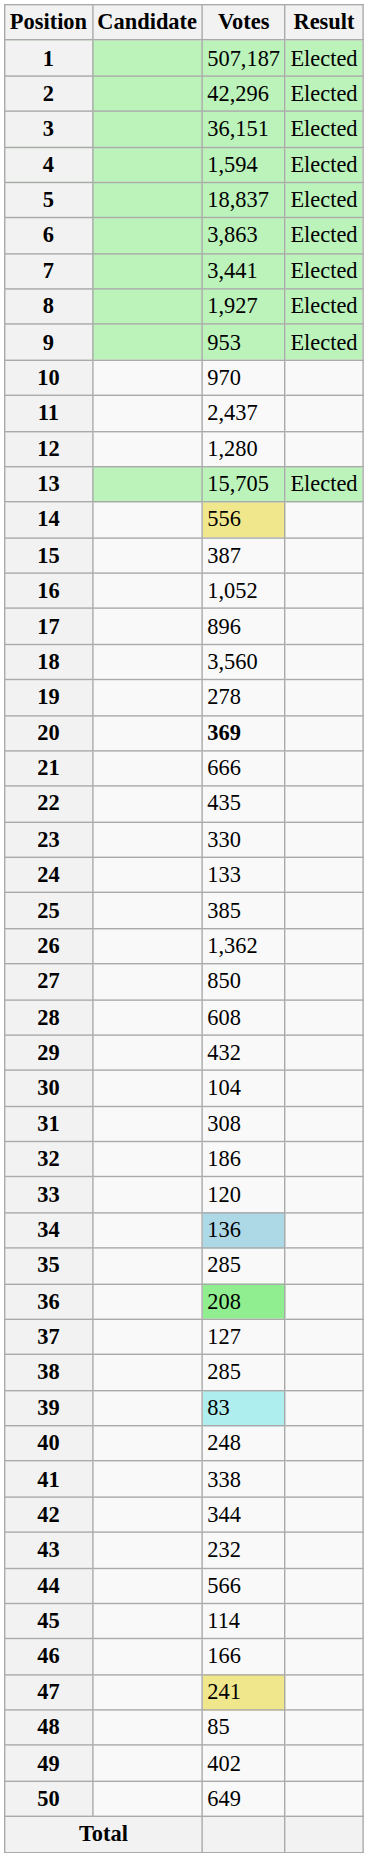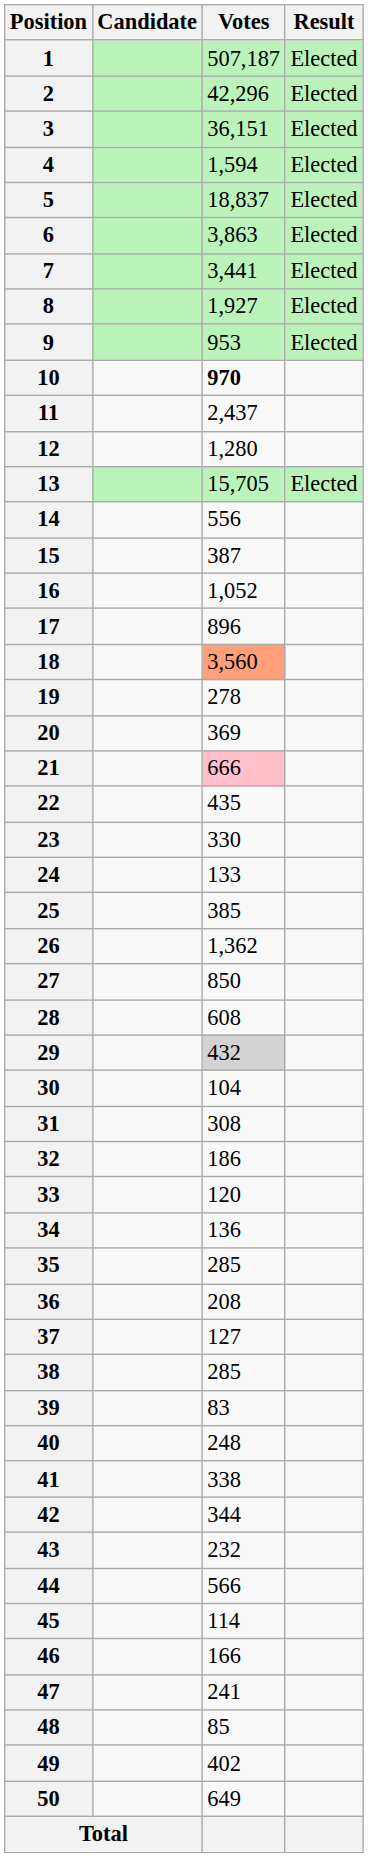 <table class="wikitable sortable col3right">
 <tr>
 <th scope="col">Position</th>
 <th scope="col">Candidate</th>
 <th scope="col">Votes</th>
 <th scope="col">Result</th>
 </tr>
 <tr bgcolor=bbf3bb>
 <th scope="row">1</th>
 <td></td>
 <td>507,187</td>
 <td>Elected</td>
 </tr>
 <tr bgcolor=bbf3bb>
 <th scope="row">2</th>
 <td></td>
 <td>42,296</td>
 <td>Elected</td>
 </tr>
 <tr bgcolor=bbf3bb>
 <th scope="row">3</th>
 <td></td>
 <td>36,151</td>
 <td>Elected</td>
 </tr>
 <tr bgcolor=bbf3bb>
 <th scope="row">4</th>
 <td></td>
 <td>1,594</td>
 <td>Elected</td>
 </tr>
 <tr bgcolor=bbf3bb>
 <th scope="row">5</th>
 <td></td>
 <td>18,837</td>
 <td>Elected</td>
 </tr>
 <tr bgcolor=bbf3bb>
 <th scope="row">6</th>
 <td></td>
 <td>3,863</td>
 <td>Elected</td>
 </tr>
 <tr bgcolor=bbf3bb>
 <th scope="row">7</th>
 <td></td>
 <td>3,441</td>
 <td>Elected</td>
 </tr>
 <tr bgcolor=bbf3bb>
 <th scope="row">8</th>
 <td></td>
 <td>1,927</td>
 <td>Elected</td>
 </tr>
 <tr bgcolor=bbf3bb>
 <th scope="row">9</th>
 <td></td>
 <td>953</td>
 <td>Elected</td>
 </tr>
 <tr>
 <th scope="row">10</th>
 <td></td>
-<td>970</td>
+<td><strong>970</strong></td>
 <td></td>
 </tr>
 <tr>
 <th scope="row">11</th>
 <td></td>
 <td>2,437</td>
 <td></td>
 </tr>
 <tr>
 <th scope="row">12</th>
 <td></td>
 <td>1,280</td>
 <td></td>
 </tr>
 <tr bgcolor=bbf3bb>
 <th scope="row">13</th>
 <td></td>
 <td>15,705</td>
 <td>Elected</td>
 </tr>
 <tr>
 <th scope="row">14</th>
 <td></td>
-<td style="background: khaki;">556</td>
+<td>556</td>
 <td></td>
 </tr>
 <tr>
 <th scope="row">15</th>
 <td></td>
 <td>387</td>
 <td></td>
 </tr>
 <tr>
 <th scope="row">16</th>
 <td></td>
 <td>1,052</td>
 <td></td>
 </tr>
 <tr>
 <th scope="row">17</th>
 <td></td>
 <td>896</td>
 <td></td>
 </tr>
 <tr>
 <th scope="row">18</th>
 <td></td>
-<td>3,560</td>
+<td style="background: lightsalmon;">3,560</td>
 <td></td>
 </tr>
 <tr>
 <th scope="row">19</th>
 <td></td>
 <td>278</td>
 <td></td>
 </tr>
 <tr>
 <th scope="row">20</th>
 <td></td>
-<td><strong>369</strong></td>
+<td>369</td>
 <td></td>
 </tr>
 <tr>
 <th scope="row">21</th>
 <td></td>
-<td>666</td>
+<td style="background: pink;">666</td>
 <td></td>
 </tr>
 <tr>
 <th scope="row">22</th>
 <td></td>
 <td>435</td>
 <td></td>
 </tr>
 <tr>
 <th scope="row">23</th>
 <td></td>
 <td>330</td>
 <td></td>
 </tr>
 <tr>
 <th scope="row">24</th>
 <td></td>
 <td>133</td>
 <td></td>
 </tr>
 <tr>
 <th scope="row">25</th>
 <td></td>
 <td>385</td>
 <td></td>
 </tr>
 <tr>
 <th scope="row">26</th>
 <td></td>
 <td>1,362</td>
 <td></td>
 </tr>
 <tr>
 <th scope="row">27</th>
 <td></td>
 <td>850</td>
 <td></td>
 </tr>
 <tr>
 <th scope="row">28</th>
 <td></td>
 <td>608</td>
 <td></td>
 </tr>
 <tr>
 <th scope="row">29</th>
 <td></td>
-<td>432</td>
+<td style="background: lightgrey;">432</td>
 <td></td>
 </tr>
 <tr>
 <th scope="row">30</th>
 <td></td>
 <td>104</td>
 <td></td>
 </tr>
 <tr>
 <th scope="row">31</th>
 <td></td>
 <td>308</td>
 <td></td>
 </tr>
 <tr>
 <th scope="row">32</th>
 <td></td>
 <td>186</td>
 <td></td>
 </tr>
 <tr>
 <th scope="row">33</th>
 <td></td>
 <td>120</td>
 <td></td>
 </tr>
 <tr>
 <th scope="row">34</th>
 <td></td>
-<td style="background: lightblue;">136</td>
+<td>136</td>
 <td></td>
 </tr>
 <tr>
 <th scope="row">35</th>
 <td></td>
 <td>285</td>
 <td></td>
 </tr>
 <tr>
 <th scope="row">36</th>
 <td></td>
-<td style="background: lightgreen;">208</td>
+<td>208</td>
 <td></td>
 </tr>
 <tr>
 <th scope="row">37</th>
 <td></td>
 <td>127</td>
 <td></td>
 </tr>
 <tr>
 <th scope="row">38</th>
 <td></td>
 <td>285</td>
 <td></td>
 </tr>
 <tr>
 <th scope="row">39</th>
 <td></td>
-<td style="background: paleturquoise;">83</td>
+<td>83</td>
 <td></td>
 </tr>
 <tr>
 <th scope="row">40</th>
 <td></td>
 <td>248</td>
 <td></td>
 </tr>
 <tr>
 <th scope="row">41</th>
 <td></td>
 <td>338</td>
 <td></td>
 </tr>
 <tr>
 <th scope="row">42</th>
 <td></td>
 <td>344</td>
 <td></td>
 </tr>
 <tr>
 <th scope="row">43</th>
 <td></td>
 <td>232</td>
 <td></td>
 </tr>
 <tr>
 <th scope="row">44</th>
 <td></td>
 <td>566</td>
 <td></td>
 </tr>
 <tr>
 <th scope="row">45</th>
 <td></td>
 <td>114</td>
 <td></td>
 </tr>
 <tr>
 <th scope="row">46</th>
 <td></td>
 <td>166</td>
 <td></td>
 </tr>
 <tr>
 <th scope="row">47</th>
 <td></td>
-<td style="background: khaki;">241</td>
+<td>241</td>
 <td></td>
 </tr>
 <tr>
 <th scope="row">48</th>
 <td></td>
 <td>85</td>
 <td></td>
 </tr>
 <tr>
 <th scope="row">49</th>
 <td></td>
 <td>402</td>
 <td></td>
 </tr>
 <tr>
 <th scope="row">50</th>
 <td></td>
 <td>649</td>
 <td></td>
 </tr>
 <tr class="sortbottom">
 <th scope="row" colspan="2">Total</th>
 <th></th>
 <th></th>
 </tr>
 </table>
